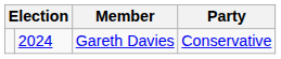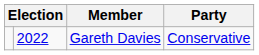 <table class="wikitable">
 <tr>
 <th colspan="2">Election</th>
 <th>Member</th>
 <th>Party</th>
 </tr>
 <tr>
 <td style="color:inherit;background-color: "></td>
-<td><a href='#'>2024</a></td>
+<td><a href='#'>2022</a></td>
 <td><a href='#'>Gareth Davies</a></td>
 <td><a href='#'>Conservative</a></td>
 </tr>
 </table>
